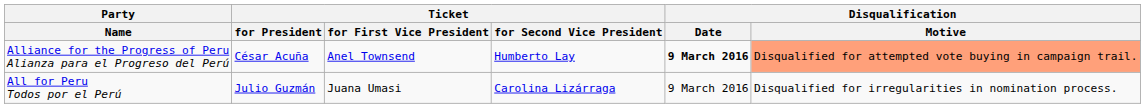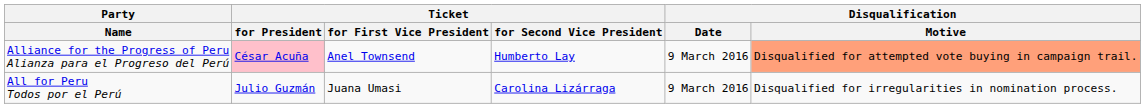 <table class="wikitable">
 <tr style="background:#ddd;">
 <th>Party</th>
 <th colspan=3>Ticket</th>
 <th colspan=2>Disqualification</th>
 </tr>
 <tr style="background:#eee;">
 <th>Name</th>
 <th>for President</th>
 <th>for First Vice President</th>
 <th>for Second Vice President</th>
 <th>Date</th>
 <th>Motive</th>
 </tr>
 <tr>
 <td><a href='#'>Alliance for the Progress of Peru</a><br><em>Alianza para el Progreso del Perú</em></td>
-<td><a href='#'>César Acuña</a></td>
+<td style="background: pink;"><a href='#'>César Acuña</a></td>
 <td><a href='#'>Anel Townsend</a></td>
 <td><a href='#'>Humberto Lay</a></td>
-<td><strong>9 March 2016</strong></td>
+<td>9 March 2016</td>
 <td style="background: lightsalmon;">Disqualified for attempted vote buying in campaign trail.</td>
 </tr>
 <tr>
 <td><a href='#'>All for Peru</a><br><em>Todos por el Perú</em></td>
 <td><a href='#'>Julio Guzmán</a></td>
 <td>Juana Umasi</td>
 <td><a href='#'>Carolina Lizárraga</a></td>
 <td>9 March 2016</td>
 <td>Disqualified for irregularities in nomination process.</td>
 </tr>
 </table>
